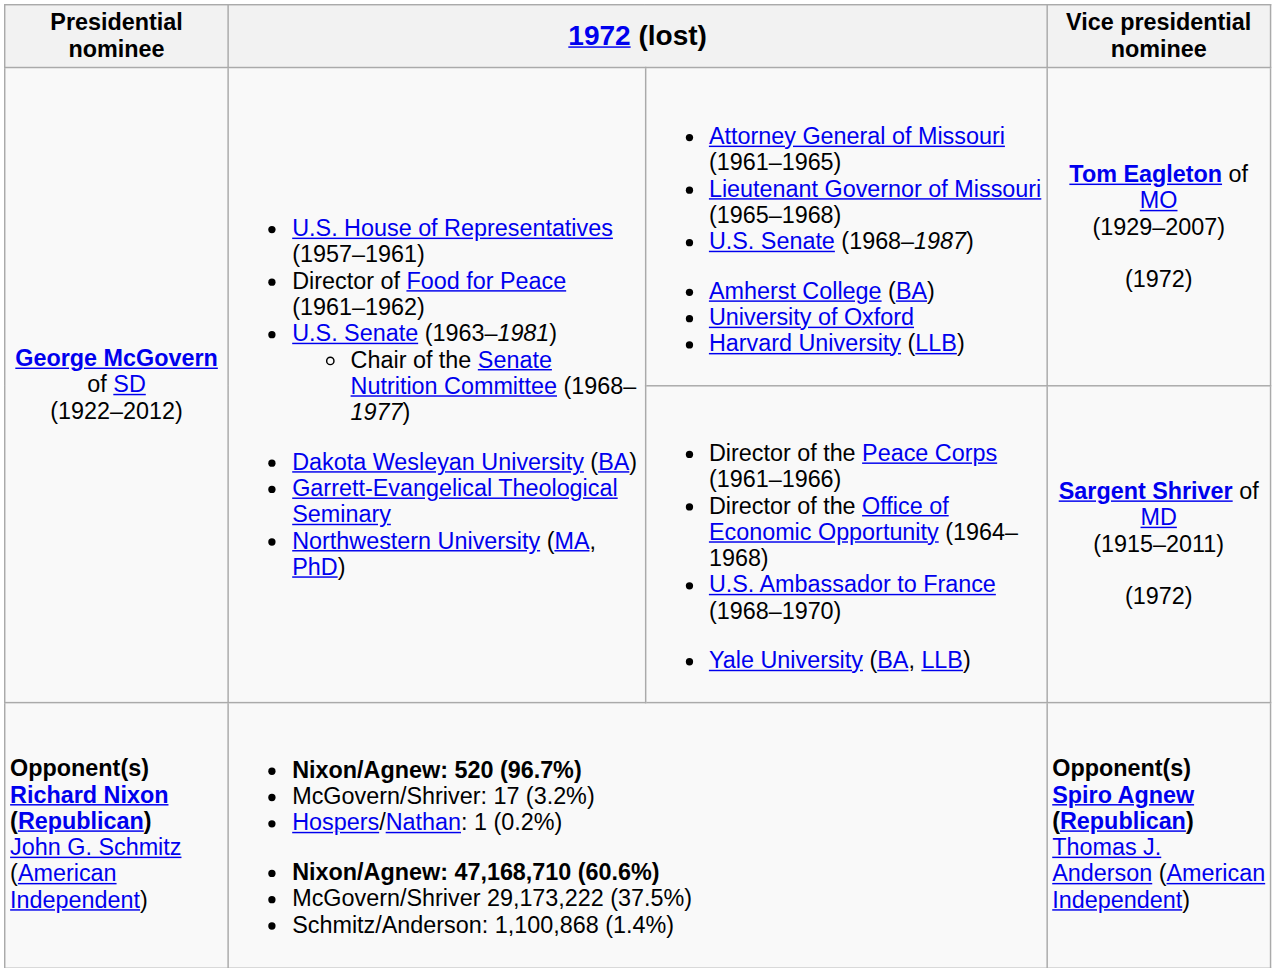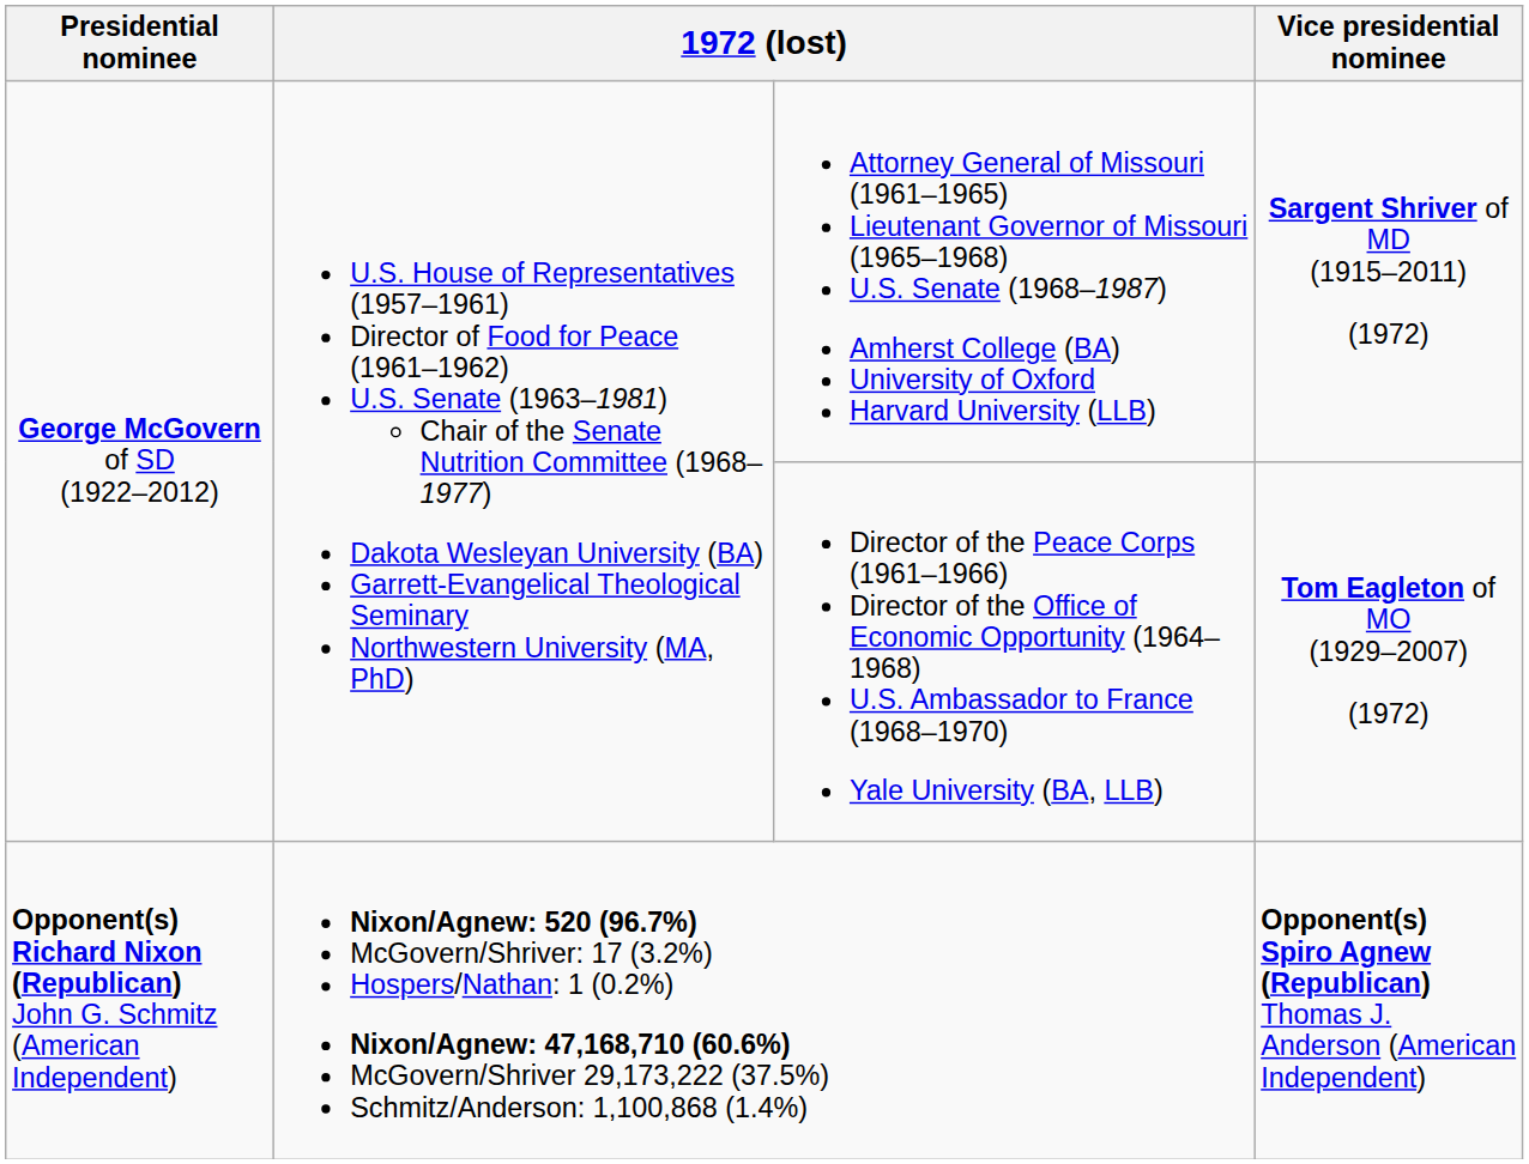 <table class="wikitable">
 <tr>
 <th width=175>Presidential<br>nominee</th>
 <th colspan=2><big><a href='#'>1972</a> (lost)</big></th>
 <th width=175>Vice presidential<br>nominee</th>
 </tr>
 <tr>
 <td rowspan=2 style="text-align:center;"><strong><a href='#'>George McGovern</a></strong> of <a href='#'>SD</a><br>(1922–2012)<br></td>
 <td rowspan=2 width=350><br><ul><li><a href='#'>U.S. House of Representatives</a> (1957–1961)</li><li>Director of <a href='#'>Food for Peace</a> (1961–1962)</li><li><a href='#'>U.S. Senate</a> (1963–<em>1981</em>)<ul><li>Chair of the <a href='#'>Senate Nutrition Committee</a> (1968–<em>1977</em>)</li></ul></li></ul><ul><li><a href='#'>Dakota Wesleyan University</a> (<a href='#'>BA</a>)</li><li><a href='#'>Garrett-Evangelical Theological Seminary</a></li><li><a href='#'>Northwestern University</a> (<a href='#'>MA</a>, <a href='#'>PhD</a>)</li></ul></td>
 <td width=350><br><ul><li><a href='#'>Attorney General of Missouri</a> (1961–1965)</li><li><a href='#'>Lieutenant Governor of Missouri</a> (1965–1968)</li><li><a href='#'>U.S. Senate</a> (1968–<em>1987</em>)</li></ul><ul><li><a href='#'>Amherst College</a> (<a href='#'>BA</a>)</li><li><a href='#'>University of Oxford</a></li><li><a href='#'>Harvard University</a> (<a href='#'>LLB</a>)</li></ul></td>
-<td style="text-align:center;"><strong><a href='#'>Tom Eagleton</a></strong> of <a href='#'>MO</a><br>(1929–2007)<br><br>(1972)</td>
+<td style="text-align:center;"><strong><a href='#'>Sargent Shriver</a></strong> of <a href='#'>MD</a><br>(1915–2011)<br><br>(1972)</td>
 </tr>
 <tr>
 <td><br><ul><li>Director of the <a href='#'>Peace Corps</a> (1961–1966)</li><li>Director of the <a href='#'>Office of Economic Opportunity</a> (1964–1968)</li><li><a href='#'>U.S. Ambassador to France</a> (1968–1970)</li></ul><ul><li><a href='#'>Yale University</a> (<a href='#'>BA</a>, <a href='#'>LLB</a>)</li></ul></td>
-<td style="text-align:center;"><strong><a href='#'>Sargent Shriver</a></strong> of <a href='#'>MD</a><br>(1915–2011)<br><br>(1972)</td>
+<td style="text-align:center;"><strong><a href='#'>Tom Eagleton</a></strong> of <a href='#'>MO</a><br>(1929–2007)<br><br>(1972)</td>
 </tr>
 <tr>
 <td><strong>Opponent(s)</strong><br><strong><a href='#'>Richard Nixon</a> (<a href='#'>Republican</a>)</strong><br><a href='#'>John G. Schmitz</a> (<a href='#'>American<br>Independent</a>)</td>
 <td colspan=2><br><ul><li><strong>Nixon/Agnew: 520 (96.7%)</strong></li><li>McGovern/Shriver: 17 (3.2%)</li><li><a href='#'>Hospers</a>/<a href='#'>Nathan</a>: 1 (0.2%)</li></ul><ul><li><strong>Nixon/Agnew: 47,168,710 (60.6%)</strong></li><li>McGovern/Shriver 29,173,222 (37.5%)</li><li>Schmitz/Anderson: 1,100,868 (1.4%)</li></ul></td>
 <td><strong>Opponent(s)</strong><br><strong><a href='#'>Spiro Agnew</a> (<a href='#'>Republican</a>)</strong><br><a href='#'>Thomas J. Anderson</a> (<a href='#'>American<br>Independent</a>)</td>
 </tr>
 </table>
